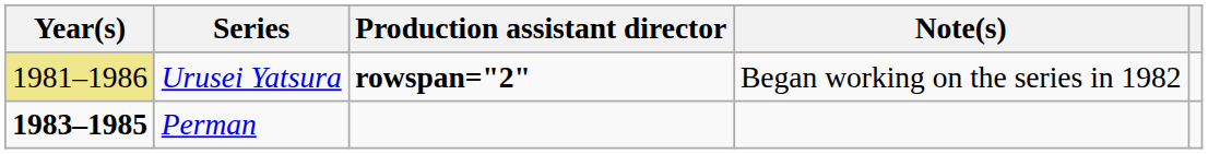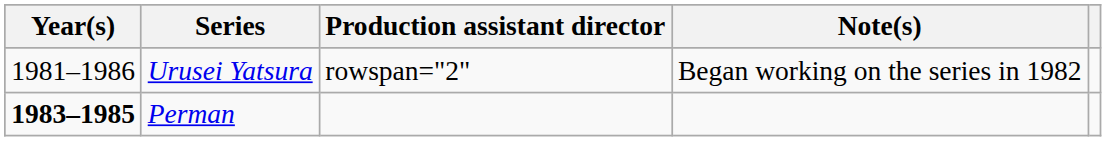 <table class="wikitable">
 <tr>
 <th>Year(s)</th>
 <th>Series</th>
 <th>Production assistant director</th>
 <th>Note(s)</th>
 <th></th>
 </tr>
 <tr>
-<td style="background: khaki;">1981–1986</td>
+<td>1981–1986</td>
 <td><em><a href='#'>Urusei Yatsura</a></em></td>
-<td><strong>rowspan="2" </strong></td>
+<td>rowspan="2" </td>
 <td>Began working on the series in 1982</td>
 <td></td>
 </tr>
 <tr>
 <td><strong>1983–1985</strong></td>
 <td><em><a href='#'>Perman</a></em></td>
 <td></td>
 <td></td>
 </tr>
 </table>
